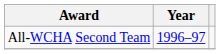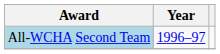 <table class="wikitable">
 <tr>
 <th>Award</th>
 <th>Year</th>
 <th></th>
 </tr>
 <tr>
-<td>All-<a href='#'>WCHA</a> <a href='#'>Second Team</a></td>
+<td style="background: lightblue;">All-<a href='#'>WCHA</a> <a href='#'>Second Team</a></td>
 <td><a href='#'>1996–97</a></td>
 <td></td>
 </tr>
 <tr>
 </tr>
 </table>
